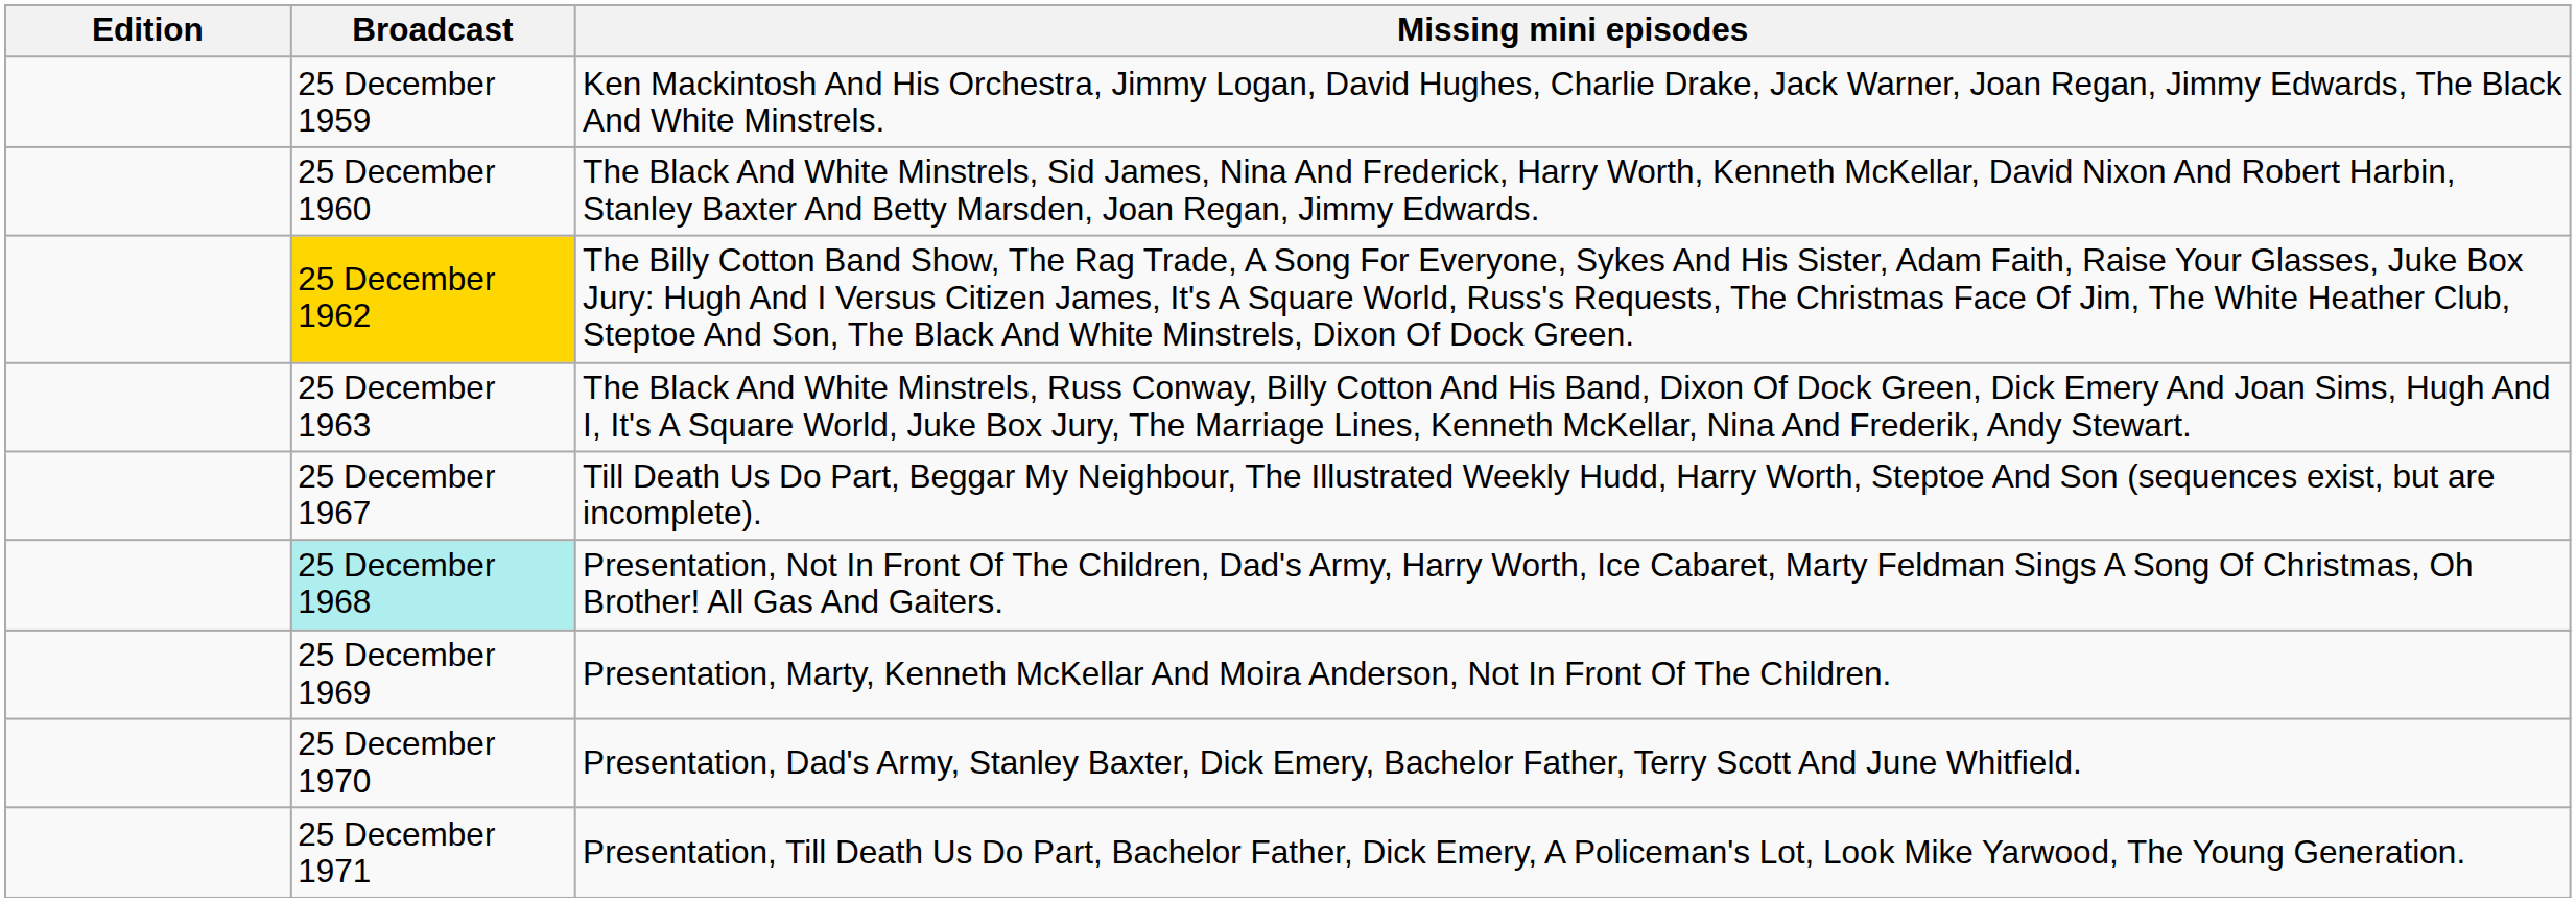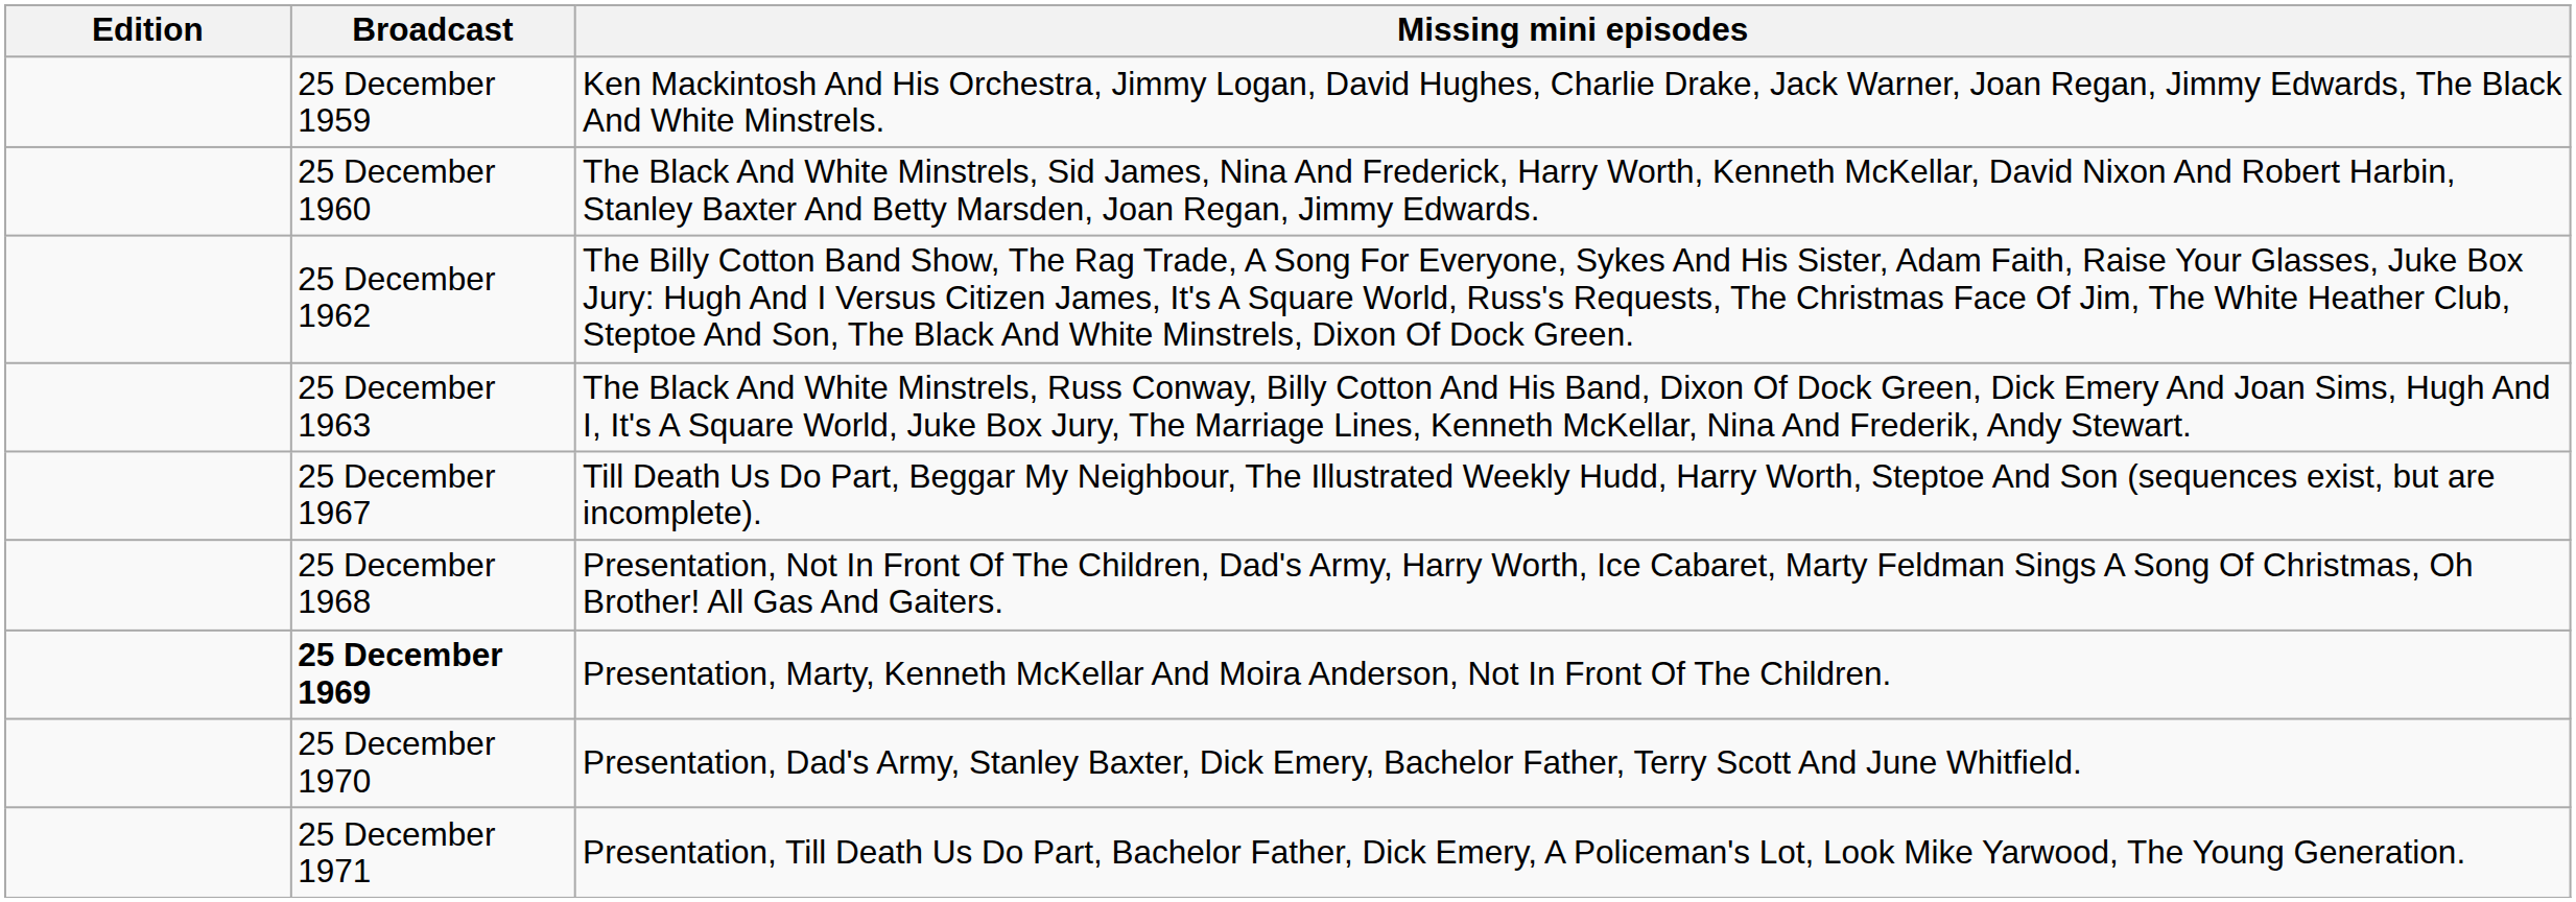 <table class="wikitable">
 <tr>
 <th style="width:10%;">Edition</th>
 <th style="width:10%;">Broadcast</th>
 <th style="width:70%;">Missing mini episodes</th>
 </tr>
 <tr>
 <td></td>
 <td>25 December 1959</td>
 <td>Ken Mackintosh And His Orchestra, Jimmy Logan, David Hughes, Charlie Drake, Jack Warner, Joan Regan, Jimmy Edwards, The Black And White Minstrels.</td>
 </tr>
 <tr>
 <td></td>
 <td>25 December 1960</td>
 <td>The Black And White Minstrels, Sid James, Nina And Frederick, Harry Worth, Kenneth McKellar, David Nixon And Robert Harbin, Stanley Baxter And Betty Marsden, Joan Regan, Jimmy Edwards.</td>
 </tr>
 <tr>
 <td></td>
-<td style="background: gold;">25 December 1962</td>
+<td>25 December 1962</td>
 <td>The Billy Cotton Band Show, The Rag Trade, A Song For Everyone, Sykes And His Sister,  Adam Faith, Raise Your Glasses, Juke Box Jury: Hugh And I Versus Citizen James, It's A Square World, Russ's Requests, The Christmas Face Of Jim, The White Heather Club, Steptoe And Son, The Black And White Minstrels, Dixon Of Dock Green.</td>
 </tr>
 <tr>
 <td></td>
 <td>25 December 1963</td>
 <td>The Black And White Minstrels, Russ Conway, Billy Cotton And His Band, Dixon Of Dock Green, Dick Emery And Joan Sims, Hugh And I, It's A Square World, Juke Box Jury, The Marriage Lines, Kenneth McKellar, Nina And Frederik, Andy Stewart.</td>
 </tr>
 <tr>
 <td></td>
 <td>25 December 1967</td>
 <td>Till Death Us Do Part, Beggar My Neighbour, The Illustrated Weekly Hudd, Harry Worth, Steptoe And Son (sequences exist, but are incomplete).</td>
 </tr>
 <tr>
 <td></td>
-<td style="background: paleturquoise;">25 December 1968</td>
+<td>25 December 1968</td>
 <td>Presentation, Not In Front Of The Children, Dad's Army, Harry Worth, Ice Cabaret, Marty Feldman Sings A Song Of Christmas, Oh Brother! All Gas And Gaiters.</td>
 </tr>
 <tr>
 <td></td>
-<td>25 December 1969</td>
+<td><strong>25 December 1969</strong></td>
 <td>Presentation, Marty, Kenneth McKellar And Moira Anderson, Not In Front Of The Children.</td>
 </tr>
 <tr>
 <td></td>
 <td>25 December 1970</td>
 <td>Presentation, Dad's Army, Stanley Baxter, Dick Emery, Bachelor Father, Terry Scott And June Whitfield.</td>
 </tr>
 <tr>
 <td></td>
 <td>25 December 1971</td>
 <td>Presentation, Till Death Us Do Part, Bachelor Father, Dick Emery, A Policeman's Lot, Look Mike Yarwood, The Young Generation.</td>
 </tr>
 <tr>
 </tr>
 </table>
